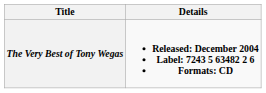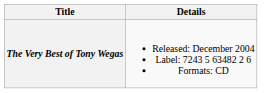 <table class="wikitable plainrowheaders" style="text-align:center;" border="1">
 <tr>
 <th>Title</th>
 <th>Details</th>
 </tr>
 <tr>
 <th scope="row"><em>The Very Best of Tony Wegas </em></th>
-<td><strong><br><ul><li>Released: December 2004</li><li>Label: 7243 5 63482 2 6</li><li>Formats: CD</li></ul></strong></td>
+<td><br><ul><li>Released: December 2004</li><li>Label: 7243 5 63482 2 6</li><li>Formats: CD</li></ul></td>
 </tr>
 </table>
